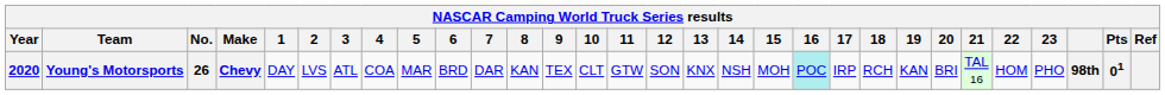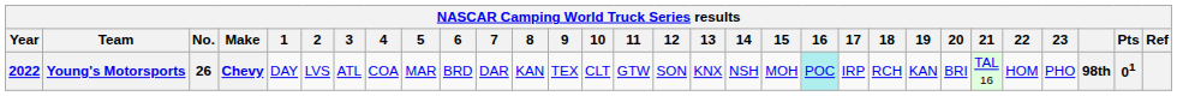 <table class="wikitable" style="text-align:center; font-size:75%">
 <tr>
 <th colspan=45><a href='#'>NASCAR Camping World Truck Series</a> results</th>
 </tr>
 <tr>
 <th>Year</th>
 <th>Team</th>
 <th>No.</th>
 <th>Make</th>
 <th>1</th>
 <th>2</th>
 <th>3</th>
 <th>4</th>
 <th>5</th>
 <th>6</th>
 <th>7</th>
 <th>8</th>
 <th>9</th>
 <th>10</th>
 <th>11</th>
 <th>12</th>
 <th>13</th>
 <th>14</th>
 <th>15</th>
 <th>16</th>
 <th>17</th>
 <th>18</th>
 <th>19</th>
 <th>20</th>
 <th>21</th>
 <th>22</th>
 <th>23</th>
 <th></th>
 <th>Pts</th>
 <th>Ref</th>
 </tr>
 <tr>
-<th><a href='#'>2020</a></th>
+<th><a href='#'>2022</a></th>
 <th><a href='#'>Young's Motorsports</a></th>
 <th>26</th>
 <th><a href='#'>Chevy</a></th>
 <td><a href='#'>DAY</a></td>
 <td><a href='#'>LVS</a></td>
 <td><a href='#'>ATL</a></td>
 <td><a href='#'>COA</a></td>
 <td><a href='#'>MAR</a></td>
 <td><a href='#'>BRD</a></td>
 <td><a href='#'>DAR</a></td>
 <td><a href='#'>KAN</a></td>
 <td><a href='#'>TEX</a></td>
 <td><a href='#'>CLT</a></td>
 <td><a href='#'>GTW</a></td>
 <td><a href='#'>SON</a></td>
 <td><a href='#'>KNX</a></td>
 <td><a href='#'>NSH</a></td>
 <td><a href='#'>MOH</a></td>
 <td style="background: paleturquoise;"><a href='#'>POC</a></td>
 <td><a href='#'>IRP</a></td>
 <td><a href='#'>RCH</a></td>
 <td><a href='#'>KAN</a></td>
 <td><a href='#'>BRI</a></td>
 <td style="background:#DFFFDF;"><a href='#'>TAL</a><br><small>16</small></td>
 <td><a href='#'>HOM</a></td>
 <td><a href='#'>PHO</a></td>
 <th>98th</th>
 <th>0<sup>1</sup></th>
 <th></th>
 </tr>
 </table>
